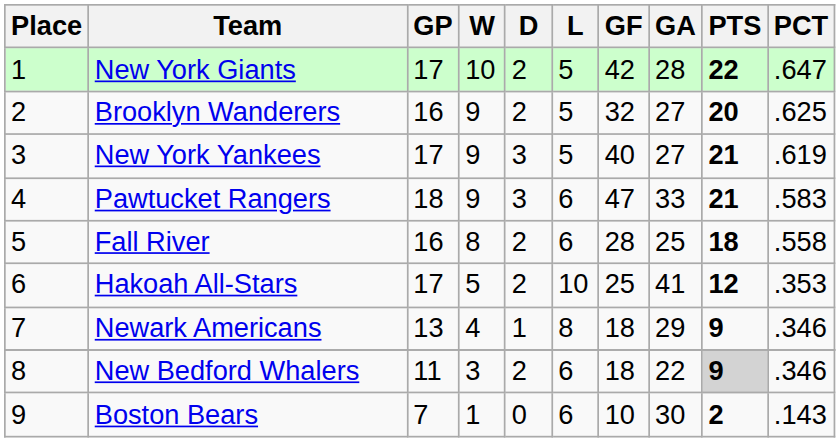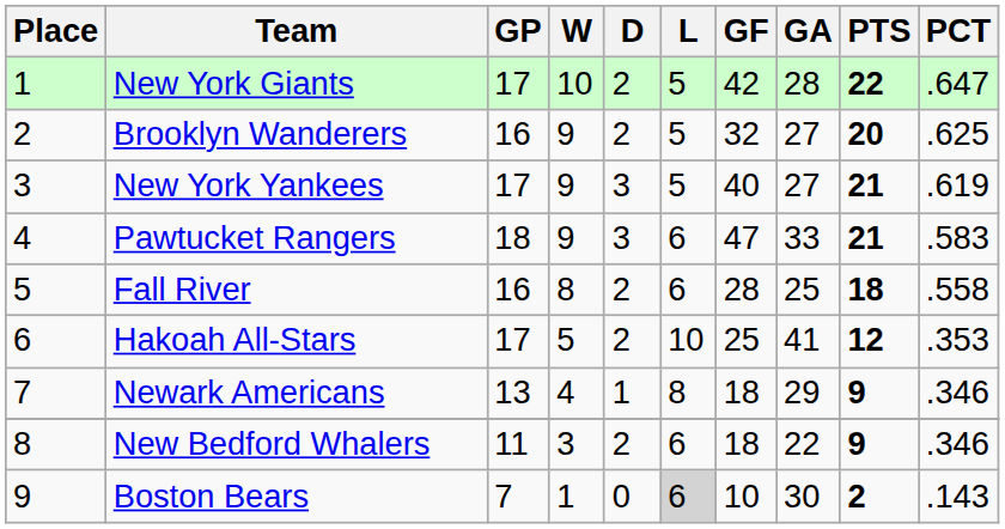 <table class="wikitable">
 <tr>
 <th>Place</th>
 <th width="180">Team</th>
 <th width="20">GP</th>
 <th width="20">W</th>
 <th width="20">D</th>
 <th width="20">L</th>
 <th width="20">GF</th>
 <th width="20">GA</th>
 <th width="20">PTS</th>
 <th width="20">PCT</th>
 </tr>
 <tr bgcolor=#ccffcc>
 <td>1</td>
 <td><a href='#'>New York Giants</a></td>
 <td>17</td>
 <td>10</td>
 <td>2</td>
 <td>5</td>
 <td>42</td>
 <td>28</td>
 <td><strong>22</strong></td>
 <td>.647</td>
 </tr>
 <tr>
 <td>2</td>
 <td><a href='#'>Brooklyn Wanderers</a></td>
 <td>16</td>
 <td>9</td>
 <td>2</td>
 <td>5</td>
 <td>32</td>
 <td>27</td>
 <td><strong>20</strong></td>
 <td>.625</td>
 </tr>
 <tr>
 <td>3</td>
 <td><a href='#'>New York Yankees</a></td>
 <td>17</td>
 <td>9</td>
 <td>3</td>
 <td>5</td>
 <td>40</td>
 <td>27</td>
 <td><strong>21</strong></td>
 <td>.619</td>
 </tr>
 <tr>
 <td>4</td>
 <td><a href='#'>Pawtucket Rangers</a></td>
 <td>18</td>
 <td>9</td>
 <td>3</td>
 <td>6</td>
 <td>47</td>
 <td>33</td>
 <td><strong>21</strong></td>
 <td>.583</td>
 </tr>
 <tr>
 <td>5</td>
 <td><a href='#'>Fall River</a></td>
 <td>16</td>
 <td>8</td>
 <td>2</td>
 <td>6</td>
 <td>28</td>
 <td>25</td>
 <td><strong>18</strong></td>
 <td>.558</td>
 </tr>
 <tr>
 <td>6</td>
 <td><a href='#'>Hakoah All-Stars</a></td>
 <td>17</td>
 <td>5</td>
 <td>2</td>
 <td>10</td>
 <td>25</td>
 <td>41</td>
 <td><strong>12</strong></td>
 <td>.353</td>
 </tr>
 <tr>
 <td>7</td>
 <td><a href='#'>Newark Americans</a></td>
 <td>13</td>
 <td>4</td>
 <td>1</td>
 <td>8</td>
 <td>18</td>
 <td>29</td>
 <td><strong>9</strong></td>
 <td>.346</td>
 </tr>
 <tr>
 </tr>
 <tr>
 <td>8</td>
 <td><a href='#'>New Bedford Whalers</a></td>
 <td>11</td>
 <td>3</td>
 <td>2</td>
 <td>6</td>
 <td>18</td>
 <td>22</td>
-<td style="background: lightgrey;"><strong>9</strong></td>
+<td><strong>9</strong></td>
 <td>.346</td>
 </tr>
 <tr>
 <td>9</td>
 <td><a href='#'>Boston Bears</a></td>
 <td>7</td>
 <td>1</td>
 <td>0</td>
-<td>6</td>
+<td style="background: lightgrey;">6</td>
 <td>10</td>
 <td>30</td>
 <td><strong>2</strong></td>
 <td>.143</td>
 </tr>
 </table>
